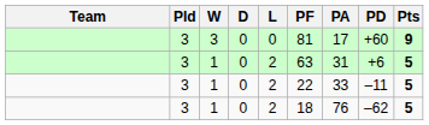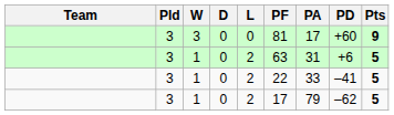 <table class="wikitable" style="text-align:center;">
 <tr>
 <th width=175>Team</th>
 <th width=25 abbr="Played">Pld</th>
 <th width=25 abbr="Won">W</th>
 <th width=25 abbr="Drawn">D</th>
 <th width=25 abbr="Lost">L</th>
 <th width=32 abbr="Points for">PF</th>
 <th width=32 abbr="Points against">PA</th>
 <th width=32 abbr="Points difference">PD</th>
 <th width=25 abbr="Points">Pts</th>
 </tr>
 <tr bgcolor=ccffcc>
 <td align=left></td>
 <td>3</td>
 <td>3</td>
 <td>0</td>
 <td>0</td>
 <td>81</td>
 <td>17</td>
 <td>+60</td>
 <td><strong>9</strong></td>
 </tr>
 <tr bgcolor=ccffcc>
 <td align=left></td>
 <td>3</td>
 <td>1</td>
 <td>0</td>
 <td>2</td>
 <td>63</td>
 <td>31</td>
 <td>+6</td>
 <td><strong>5</strong></td>
 </tr>
 <tr>
 <td align=left></td>
 <td>3</td>
 <td>1</td>
 <td>0</td>
 <td>2</td>
 <td>22</td>
 <td>33</td>
-<td>–11</td>
+<td>–41</td>
 <td><strong>5</strong></td>
 </tr>
 <tr>
 <td align=left></td>
 <td>3</td>
 <td>1</td>
 <td>0</td>
 <td>2</td>
-<td>18</td>
-<td>76</td>
+<td>17</td>
+<td>79</td>
 <td>–62</td>
 <td><strong>5</strong></td>
 </tr>
 </table>
